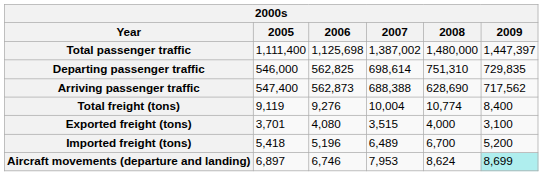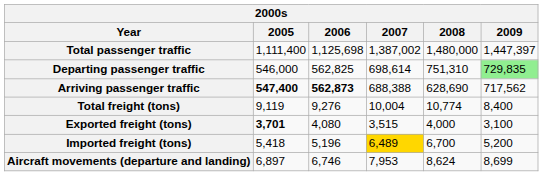 <table class="wikitable mw-collapsible mw-collapsed collapsible collapsed">
 <tr>
 <th colspan="7">2000s</th>
 </tr>
 <tr>
 <th>Year</th>
 <th>2005</th>
 <th>2006</th>
 <th>2007</th>
 <th>2008</th>
 <th>2009</th>
 </tr>
 <tr>
 <th>Total passenger traffic</th>
 <td>1,111,400</td>
 <td>1,125,698</td>
 <td>1,387,002</td>
 <td>1,480,000</td>
 <td>1,447,397</td>
 </tr>
 <tr>
 <th>Departing passenger traffic</th>
 <td>546,000</td>
 <td>562,825</td>
 <td>698,614</td>
 <td>751,310</td>
-<td>729,835</td>
+<td style="background: lightgreen;">729,835</td>
 </tr>
 <tr>
 <th>Arriving passenger traffic</th>
-<td>547,400</td>
-<td>562,873</td>
+<td><strong>547,400</strong></td>
+<td><strong>562,873</strong></td>
 <td>688,388</td>
 <td>628,690</td>
 <td>717,562</td>
 </tr>
 <tr>
 <th>Total freight (tons)</th>
 <td>9,119</td>
 <td>9,276</td>
 <td>10,004</td>
 <td>10,774</td>
 <td>8,400</td>
 </tr>
 <tr>
 <th>Exported freight (tons)</th>
-<td>3,701</td>
+<td><strong>3,701</strong></td>
 <td>4,080</td>
 <td>3,515</td>
 <td>4,000</td>
 <td>3,100</td>
 </tr>
 <tr>
 <th>Imported freight (tons)</th>
 <td>5,418</td>
 <td>5,196</td>
-<td>6,489</td>
+<td style="background: gold;">6,489</td>
 <td>6,700</td>
 <td>5,200</td>
 </tr>
 <tr>
 <th>Aircraft movements (departure and landing)</th>
 <td>6,897</td>
 <td>6,746</td>
 <td>7,953</td>
 <td>8,624</td>
-<td style="background: paleturquoise;">8,699</td>
+<td>8,699</td>
 </tr>
 </table>
